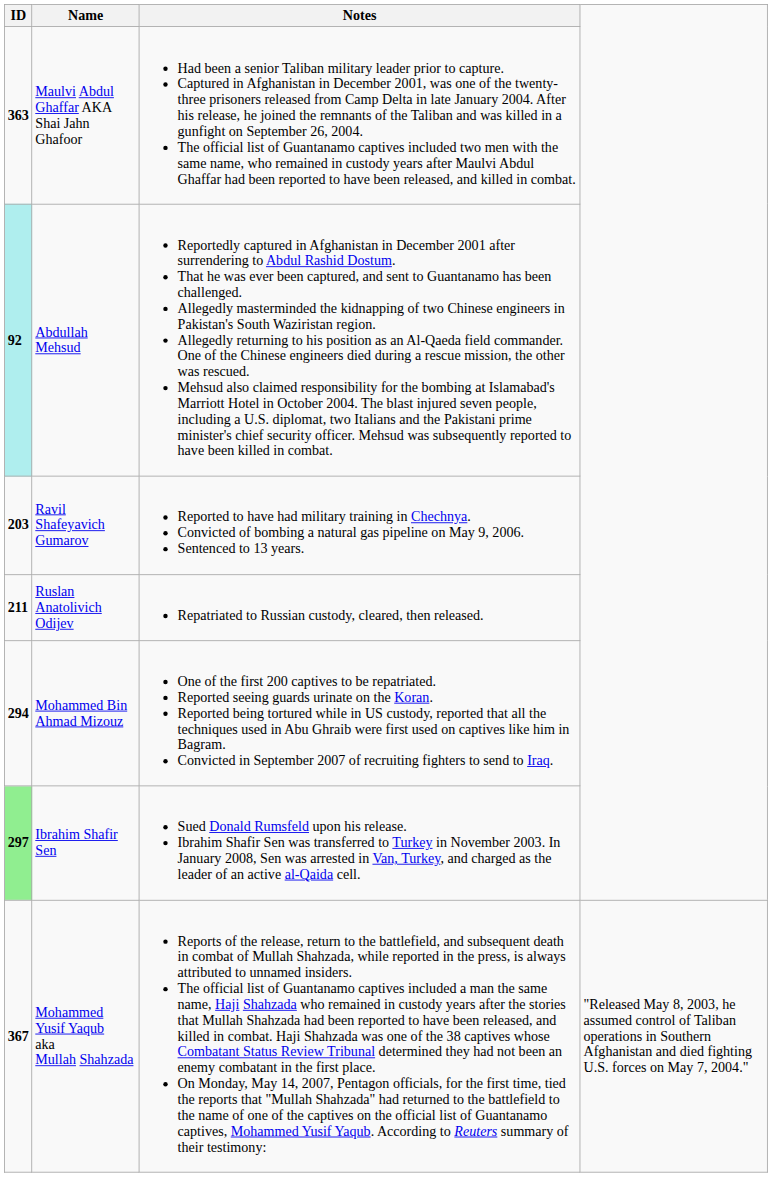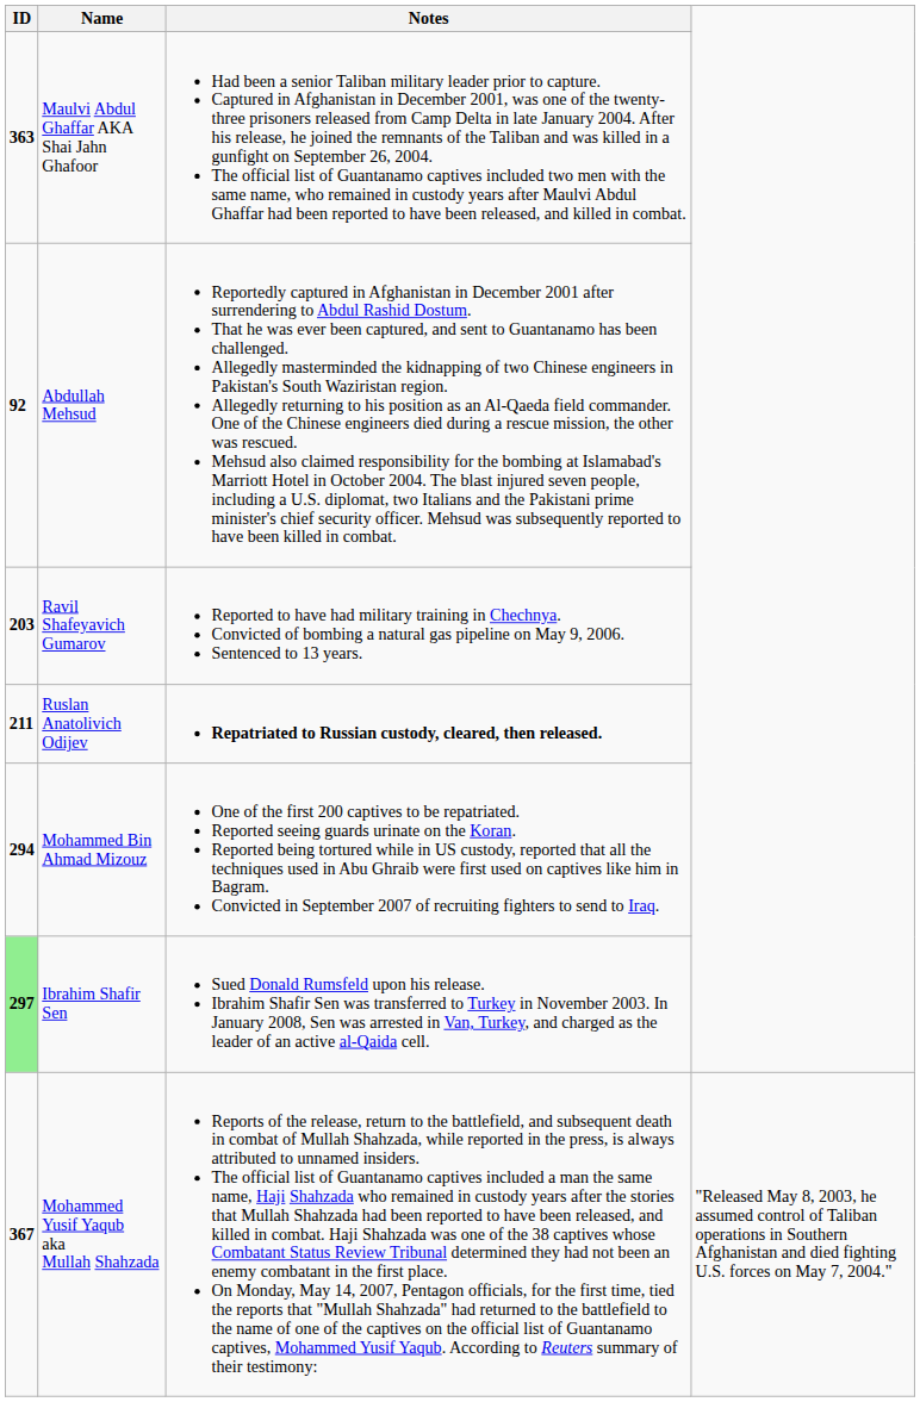 <table class="wikitable">
 <tr>
 <th>ID</th>
 <th>Name</th>
 <th>Notes</th>
 </tr>
 <tr>
 <td><strong>363</strong></td>
 <td><a href='#'>Maulvi</a> <a href='#'>Abdul Ghaffar</a> AKA Shai Jahn Ghafoor</td>
 <td><br><ul><li>Had been a senior Taliban military leader prior to capture.</li><li>Captured in Afghanistan in December 2001, was one of the twenty-three prisoners released from Camp Delta in late January 2004. After his release, he joined the remnants of the Taliban and was killed in a gunfight on September 26, 2004.</li><li>The official list of Guantanamo captives included two men with the same name, who  remained in custody years after Maulvi Abdul Ghaffar had been reported to have been released, and  killed in combat.</li></ul></td>
 </tr>
 <tr>
-<td style="background: paleturquoise;"><strong>92</strong></td>
+<td><strong>92</strong></td>
 <td><a href='#'>Abdullah Mehsud</a></td>
 <td><br><ul><li>Reportedly captured in Afghanistan in December 2001 after surrendering to <a href='#'>Abdul Rashid Dostum</a>.</li><li>That he was ever been captured, and sent to Guantanamo has been challenged.</li><li>Allegedly masterminded the kidnapping of two Chinese engineers in Pakistan's South Waziristan region.</li><li>Allegedly returning to his position as an Al-Qaeda field commander. One of the Chinese engineers died during a rescue mission, the other was rescued.</li><li>Mehsud also claimed responsibility for the bombing at Islamabad's Marriott Hotel in October 2004. The blast injured seven people, including a U.S. diplomat, two Italians and the Pakistani prime minister's chief security officer.  Mehsud was subsequently reported to have been killed in combat.</li></ul></td>
 </tr>
 <tr>
 <td><strong>203</strong></td>
 <td><a href='#'>Ravil Shafeyavich Gumarov</a></td>
 <td><br><ul><li>Reported to have had military training in <a href='#'>Chechnya</a>.</li><li>Convicted of bombing a natural gas pipeline on May 9, 2006.</li><li>Sentenced to 13 years.</li></ul></td>
 </tr>
 <tr>
 <td><strong>211</strong></td>
 <td><a href='#'>Ruslan Anatolivich Odijev</a></td>
-<td><br><ul><li>Repatriated to Russian custody, cleared, then released.</li></ul></td>
+<td><strong><br><ul><li>Repatriated to Russian custody, cleared, then released.</li></ul></strong></td>
 </tr>
 <tr>
 <td><strong>294</strong></td>
 <td><a href='#'>Mohammed Bin Ahmad Mizouz</a></td>
 <td><br><ul><li>One of the first 200 captives to be repatriated.</li><li>Reported seeing guards urinate on the <a href='#'>Koran</a>.</li><li>Reported being tortured while in US custody, reported that all the techniques used in Abu Ghraib were first used on captives like him in Bagram.</li><li>Convicted in September 2007 of recruiting fighters to send to <a href='#'>Iraq</a>.</li></ul></td>
 </tr>
 <tr>
 <td style="background: lightgreen;"><strong>297</strong></td>
 <td><a href='#'>Ibrahim Shafir Sen</a></td>
 <td><br><ul><li>Sued <a href='#'>Donald Rumsfeld</a> upon his release.</li><li>Ibrahim Shafir Sen was transferred to <a href='#'>Turkey</a> in November 2003. In January 2008, Sen was arrested in <a href='#'>Van, Turkey</a>, and charged as the leader of an active <a href='#'>al-Qaida</a> cell.</li></ul></td>
 </tr>
 <tr>
 <td><strong>367</strong></td>
 <td><a href='#'>Mohammed Yusif Yaqub</a><br>aka<br><a href='#'>Mullah</a> <a href='#'>Shahzada</a></td>
 <td><br><ul><li>Reports of the release, return to the battlefield, and subsequent death in combat of Mullah Shahzada, while reported in the press, is always attributed to unnamed insiders.</li><li>The official list of Guantanamo captives included a man the same name, <a href='#'>Haji</a> <a href='#'>Shahzada</a> who  remained in custody years after the stories that Mullah Shahzada had been reported to have been released, and killed in combat.  Haji Shahzada was one of the 38 captives whose <a href='#'>Combatant Status Review Tribunal</a> determined they had not been an enemy combatant in the first place.</li><li>On Monday, May 14, 2007, Pentagon officials, for the first time, tied the reports that "Mullah Shahzada" had returned to the battlefield to the name of one of the captives on the official list of Guantanamo captives, <a href='#'>Mohammed Yusif Yaqub</a>.  According to <em><a href='#'>Reuters</a></em> summary of their testimony:</li></ul></td>
 <td>"Released May 8, 2003, he assumed control of Taliban operations in Southern Afghanistan and died fighting U.S. forces on May 7, 2004."</td>
 </tr>
 </table>
